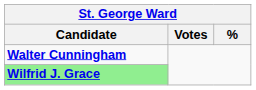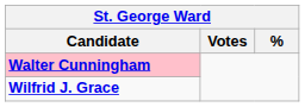 <table class="wikitable">
 <tr>
 <th colspan="3"><a href='#'>St. George Ward</a></th>
 </tr>
 <tr>
 <th style="width: 200px">Candidate</th>
 <th style="width: 50px">Votes</th>
 <th style="width: 40px">%</th>
 </tr>
 <tr>
-<td><strong><a href='#'>Walter Cunningham</a></strong></td>
+<td style="background: pink;"><strong><a href='#'>Walter Cunningham</a></strong></td>
 </tr>
 <tr>
-<td style="background: lightgreen;"><strong><a href='#'>Wilfrid J. Grace</a></strong></td>
+<td><strong><a href='#'>Wilfrid J. Grace</a></strong></td>
 </tr>
 </table>
